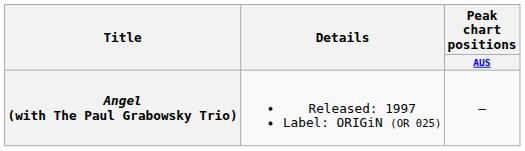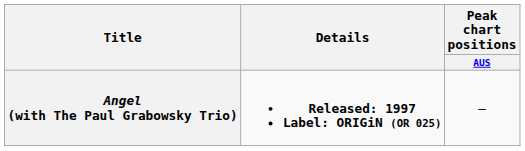 <table class="wikitable plainrowheaders" style="text-align:center;">
 <tr>
 <th rowspan="2">Title</th>
 <th rowspan="2">Details</th>
 <th>Peak chart positions</th>
 </tr>
 <tr>
 <th style="width:3em;font-size:75%"><a href='#'>AUS</a></th>
 </tr>
 <tr>
 <th scope="row"><em>Angel</em> <br> (with The Paul Grabowsky Trio)</th>
-<td><br><ul><li>Released: 1997</li><li>Label: ORIGiN <small>(OR 025)</small></li></ul></td>
+<td><strong><br><ul><li>Released: 1997</li><li>Label: ORIGiN <small>(OR 025)</small></li></ul></strong></td>
 <td>—</td>
 </tr>
 </table>
